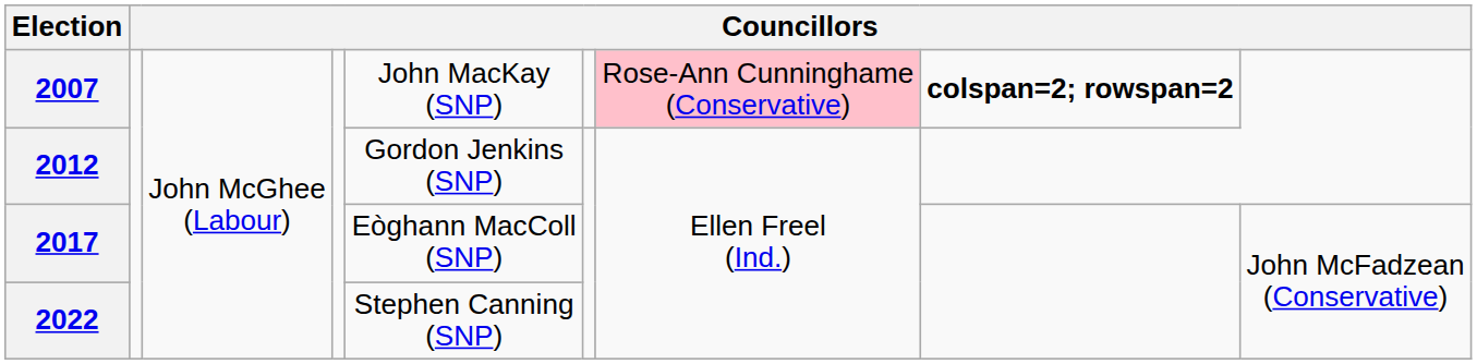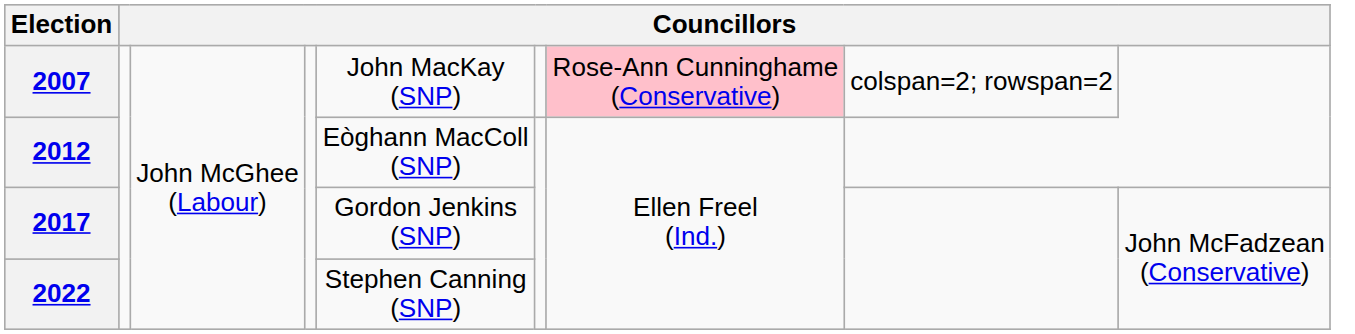 <table class="wikitable" style="text-align:center">
 <tr>
 <th>Election</th>
 <th colspan=8>Councillors</th>
 </tr>
 <tr>
 <th><a href='#'>2007</a></th>
 <td rowspan=4; style="background-color: "></td>
 <td rowspan=4>John McGhee<br>(<a href='#'>Labour</a>)</td>
 <td rowspan=4; style="background-color: "></td>
 <td rowspan=1>John MacKay<br>(<a href='#'>SNP</a>)</td>
 <td rowspan=1; style="background-color: "></td>
 <td rowspan=1 style="background: pink;">Rose-Ann Cunninghame<br>(<a href='#'>Conservative</a>)</td>
-<td><strong>colspan=2; rowspan=2 </strong></td>
+<td>colspan=2; rowspan=2 </td>
 </tr>
 <tr>
 <th><a href='#'>2012</a></th>
-<td rowspan=1>Gordon Jenkins<br>(<a href='#'>SNP</a>)</td>
+<td rowspan=1>Eòghann MacColl<br>(<a href='#'>SNP</a>)</td>
 <td rowspan=3; style="background-color: "></td>
 <td rowspan=3>Ellen Freel<br>(<a href='#'>Ind.</a>)</td>
 </tr>
 <tr>
 <th><a href='#'>2017</a></th>
-<td rowspan=1>Eòghann MacColl<br>(<a href='#'>SNP</a>)</td>
+<td rowspan=1>Gordon Jenkins<br>(<a href='#'>SNP</a>)</td>
 <td rowspan=2; style="background-color: "></td>
 <td rowspan=2>John McFadzean<br>(<a href='#'>Conservative</a>)</td>
 </tr>
 <tr>
 <th><a href='#'>2022</a></th>
 <td rowspan=1>Stephen Canning<br>(<a href='#'>SNP</a>)</td>
 </tr>
 </table>
